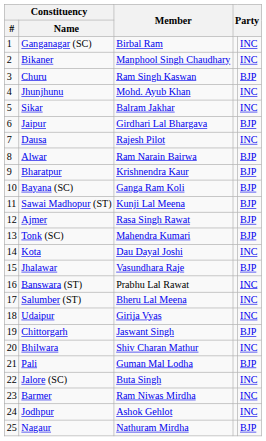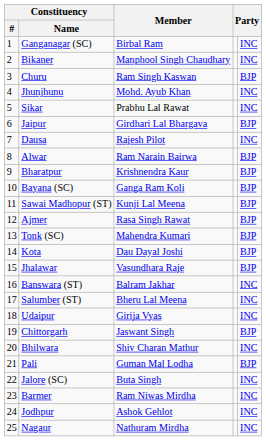 <table class="wikitable sortable">
 <tr>
 <th colspan="2">Constituency</th>
 <th rowspan="2">Member</th>
 <th colspan="2" rowspan="2">Party</th>
 </tr>
 <tr>
 <th>#</th>
 <th>Name</th>
 </tr>
 <tr>
 <td>1</td>
 <td><a href='#'>Ganganagar</a> (SC)</td>
 <td><a href='#'>Birbal Ram</a></td>
 <td style="background-color: "></td>
 <td><a href='#'>INC</a></td>
 </tr>
 <tr>
 <td>2</td>
 <td><a href='#'>Bikaner</a></td>
 <td><a href='#'>Manphool Singh Chaudhary</a></td>
 <td style="background-color: "></td>
 <td><a href='#'>INC</a></td>
 </tr>
 <tr>
 <td>3</td>
 <td><a href='#'>Churu</a></td>
 <td><a href='#'>Ram Singh Kaswan</a></td>
 <td style="background-color: "></td>
 <td><a href='#'>BJP</a></td>
 </tr>
 <tr>
 <td>4</td>
 <td><a href='#'>Jhunjhunu</a></td>
 <td><a href='#'>Mohd. Ayub Khan</a></td>
 <td style="background-color: "></td>
 <td><a href='#'>INC</a></td>
 </tr>
 <tr>
 <td>5</td>
 <td><a href='#'>Sikar</a></td>
-<td><a href='#'>Balram Jakhar</a></td>
+<td>Prabhu Lal Rawat</td>
 <td style="background-color: "></td>
 <td><a href='#'>INC</a></td>
 </tr>
 <tr>
 <td>6</td>
 <td><a href='#'>Jaipur</a></td>
 <td><a href='#'>Girdhari Lal Bhargava</a></td>
 <td style="background-color: "></td>
 <td><a href='#'>BJP</a></td>
 </tr>
 <tr>
 <td>7</td>
 <td><a href='#'>Dausa</a></td>
 <td><a href='#'>Rajesh Pilot</a></td>
 <td style="background-color: "></td>
 <td><a href='#'>INC</a></td>
 </tr>
 <tr>
 <td>8</td>
 <td><a href='#'>Alwar</a></td>
 <td><a href='#'>Ram Narain Bairwa</a></td>
 <td style="background-color: "></td>
 <td><a href='#'>BJP</a></td>
 </tr>
 <tr>
 <td>9</td>
 <td><a href='#'>Bharatpur</a></td>
 <td><a href='#'>Krishnendra Kaur</a></td>
 <td style="background-color: "></td>
 <td><a href='#'>BJP</a></td>
 </tr>
 <tr>
 <td>10</td>
 <td><a href='#'>Bayana</a> (SC)</td>
 <td><a href='#'>Ganga Ram Koli</a></td>
 <td style="background-color: "></td>
 <td><a href='#'>BJP</a></td>
 </tr>
 <tr>
 <td>11</td>
 <td><a href='#'>Sawai Madhopur</a> (ST)</td>
 <td><a href='#'>Kunji Lal Meena</a></td>
 <td style="background-color: "></td>
 <td><a href='#'>BJP</a></td>
 </tr>
 <tr>
 <td>12</td>
 <td><a href='#'>Ajmer</a></td>
 <td><a href='#'>Rasa Singh Rawat</a></td>
 <td style="background-color: "></td>
 <td><a href='#'>BJP</a></td>
 </tr>
 <tr>
 <td>13</td>
 <td><a href='#'>Tonk</a> (SC)</td>
 <td><a href='#'>Mahendra Kumari</a></td>
 <td style="background-color: "></td>
 <td><a href='#'>BJP</a></td>
 </tr>
 <tr>
 <td>14</td>
 <td><a href='#'>Kota</a></td>
 <td><a href='#'>Dau Dayal Joshi</a></td>
 <td style="background-color: "></td>
-<td><a href='#'>INC</a></td>
+<td><a href='#'>BJP</a></td>
 </tr>
 <tr>
 <td>15</td>
 <td><a href='#'>Jhalawar</a></td>
 <td><a href='#'>Vasundhara Raje</a></td>
 <td style="background-color: "></td>
 <td><a href='#'>BJP</a></td>
 </tr>
 <tr>
 <td>16</td>
 <td><a href='#'>Banswara</a> (ST)</td>
-<td>Prabhu Lal Rawat</td>
+<td><a href='#'>Balram Jakhar</a></td>
 <td style="background-color: "></td>
 <td><a href='#'>INC</a></td>
 </tr>
 <tr>
 <td>17</td>
 <td><a href='#'>Salumber</a> (ST)</td>
 <td><a href='#'>Bheru Lal Meena</a></td>
 <td style="background-color: "></td>
 <td><a href='#'>INC</a></td>
 </tr>
 <tr>
 <td>18</td>
 <td><a href='#'>Udaipur</a></td>
 <td><a href='#'>Girija Vyas</a></td>
 <td style="background-color: "></td>
 <td><a href='#'>INC</a></td>
 </tr>
 <tr>
 <td>19</td>
 <td><a href='#'>Chittorgarh</a></td>
 <td><a href='#'>Jaswant Singh</a></td>
 <td style="background-color: "></td>
 <td><a href='#'>BJP</a></td>
 </tr>
 <tr>
 <td>20</td>
 <td><a href='#'>Bhilwara</a></td>
 <td><a href='#'>Shiv Charan Mathur</a></td>
 <td style="background-color: "></td>
 <td><a href='#'>INC</a></td>
 </tr>
 <tr>
 <td>21</td>
 <td><a href='#'>Pali</a></td>
 <td><a href='#'>Guman Mal Lodha</a></td>
 <td style="background-color: "></td>
 <td><a href='#'>BJP</a></td>
 </tr>
 <tr>
 <td>22</td>
 <td><a href='#'>Jalore</a> (SC)</td>
 <td><a href='#'>Buta Singh</a></td>
 <td style="background-color: "></td>
 <td><a href='#'>INC</a></td>
 </tr>
 <tr>
 <td>23</td>
 <td><a href='#'>Barmer</a></td>
 <td><a href='#'>Ram Niwas Mirdha</a></td>
 <td style="background-color: "></td>
 <td><a href='#'>INC</a></td>
 </tr>
 <tr>
 <td>24</td>
 <td><a href='#'>Jodhpur</a></td>
 <td><a href='#'>Ashok Gehlot</a></td>
 <td style="background-color: "></td>
 <td><a href='#'>INC</a></td>
 </tr>
 <tr>
 <td>25</td>
 <td><a href='#'>Nagaur</a></td>
 <td><a href='#'>Nathuram Mirdha</a></td>
 <td style="background-color: "></td>
-<td><a href='#'>BJP</a></td>
+<td><a href='#'>INC</a></td>
 </tr>
 </table>
